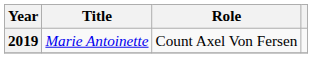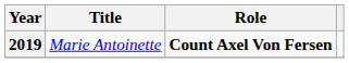 <table class="wikitable sortable plainrowheaders">
 <tr>
 <th scope="col">Year</th>
 <th scope="col">Title</th>
 <th scope="col">Role</th>
 <th scope="col" class="unsortable"></th>
 </tr>
 <tr>
 <th scope="row">2019</th>
 <td><em><a href='#'>Marie Antoinette</a></em></td>
-<td>Count Axel Von Fersen</td>
+<td><strong>Count Axel Von Fersen</strong></td>
 <td style="text-align:center"></td>
 </tr>
 <tr>
 </tr>
 </table>
